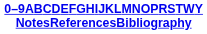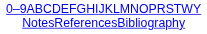 <table id="toc" class="toc" summary="Class" align="center">
 <tr>
 <th></th>
 </tr>
 <tr>
-<td style="text-align:center;"><strong><a href='#'>0–9</a><a href='#'>A</a><a href='#'>B</a><a href='#'>C</a><a href='#'>D</a><a href='#'>E</a><a href='#'>F</a><a href='#'>G</a><a href='#'>H</a><a href='#'>I</a><a href='#'>J</a><a href='#'>K</a><a href='#'>L</a><a href='#'>M</a><a href='#'>N</a><a href='#'>O</a><a href='#'>P</a><a href='#'>R</a><a href='#'>S</a><a href='#'>T</a><a href='#'>W</a><a href='#'>Y</a><br><a href='#'>Notes</a><a href='#'>References</a><a href='#'>Bibliography</a></strong></td>
+<td style="text-align:center;"><a href='#'>0–9</a><a href='#'>A</a><a href='#'>B</a><a href='#'>C</a><a href='#'>D</a><a href='#'>E</a><a href='#'>F</a><a href='#'>G</a><a href='#'>H</a><a href='#'>I</a><a href='#'>J</a><a href='#'>K</a><a href='#'>L</a><a href='#'>M</a><a href='#'>N</a><a href='#'>O</a><a href='#'>P</a><a href='#'>R</a><a href='#'>S</a><a href='#'>T</a><a href='#'>W</a><a href='#'>Y</a><br><a href='#'>Notes</a><a href='#'>References</a><a href='#'>Bibliography</a></td>
 </tr>
 </table>
